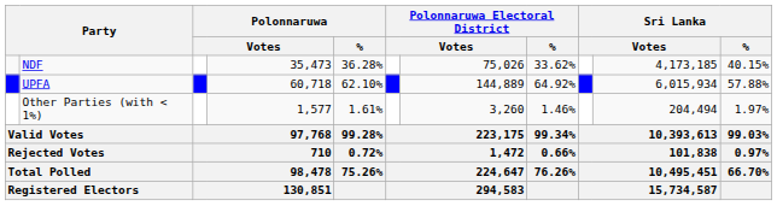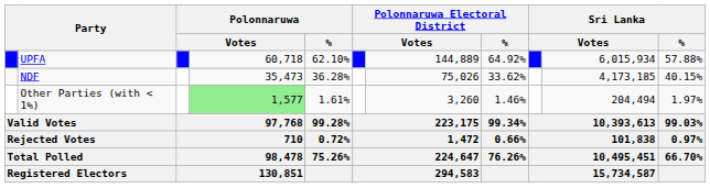 <table class="wikitable">
 <tr>
 <th colspan="2" width="144px"rowspan="2">Party</th>
 <th colspan="3" width="216px">Polonnaruwa</th>
 <th colspan="3" width="216px"><a href='#'>Polonnaruwa Electoral District</a></th>
 <th colspan="3" width="216px">Sri Lanka</th>
 </tr>
 <tr>
 <th colspan="2" width="144px">Votes</th>
 <th>%</th>
 <th colspan="2" width="144px">Votes</th>
 <th>%</th>
 <th colspan="2" width="144px">Votes</th>
 <th>%</th>
 </tr>
 <tr>
+<td style="background-color:blue;" width="10px"></td>
+<td style="text-align:left;"><a href='#'>UPFA</a></td>
+<td style="background-color:blue;" width="10px"></td>
+<td style="text-align:right;">60,718</td>
+<td style="text-align:right;">62.10%</td>
+<td style="background-color:blue;" width="10px"></td>
+<td style="text-align:right;">144,889</td>
+<td style="text-align:right;">64.92%</td>
+<td style="background-color:blue;" width="10px"></td>
+<td style="text-align:right;">6,015,934</td>
+<td style="text-align:right;">57.88%</td>
+</tr>
+<tr>
 <td style="background-color:"></td>
 <td style="text-align:left;"><a href='#'>NDF</a></td>
 <td style="background-color:white;" width="10px"></td>
 <td style="text-align:right;">35,473</td>
 <td style="text-align:right;">36.28%</td>
 <td style="background-color:white;" width="10px"></td>
 <td style="text-align:right;">75,026</td>
 <td style="text-align:right;">33.62%</td>
 <td style="background-color:white;" width="10px"></td>
 <td style="text-align:right;">4,173,185</td>
 <td style="text-align:right;">40.15%</td>
 </tr>
 <tr>
-<td style="background-color:blue;" width="10px"></td>
-<td style="text-align:left;"><a href='#'>UPFA</a></td>
-<td style="background-color:blue;" width="10px"></td>
-<td style="text-align:right;">60,718</td>
-<td style="text-align:right;">62.10%</td>
-<td style="background-color:blue;" width="10px"></td>
-<td style="text-align:right;">144,889</td>
-<td style="text-align:right;">64.92%</td>
-<td style="background-color:blue;" width="10px"></td>
-<td style="text-align:right;">6,015,934</td>
-<td style="text-align:right;">57.88%</td>
-</tr>
-<tr>
 <td style="background-color:white;" width="10px"></td>
 <td style="text-align:left;">Other Parties (with < 1%)</td>
 <td style="background-color:white;" width="10px"></td>
-<td style="text-align:right;">1,577</td>
+<td style="background: lightgreen; text-align:right;">1,577</td>
 <td style="text-align:right;">1.61%</td>
 <td style="background-color:white;" width="10px"></td>
 <td style="text-align:right;">3,260</td>
 <td style="text-align:right;">1.46%</td>
 <td style="background-color:white;" width="10px"></td>
 <td style="text-align:right;">204,494</td>
 <td style="text-align:right;">1.97%</td>
 </tr>
 <tr>
 <th colspan="2" width="144px"style="text-align:left;">Valid Votes</th>
 <th style="text-align:right;"colspan="2" width="144px">97,768</th>
 <th style="text-align:right;">99.28%</th>
 <th style="text-align:right;"colspan="2" width="144px">223,175</th>
 <th style="text-align:right;">99.34%</th>
 <th style="text-align:right;"colspan="2" width="144px">10,393,613</th>
 <th style="text-align:right;">99.03%</th>
 </tr>
 <tr>
 <th colspan="2" width="144px"style="text-align:left;">Rejected Votes</th>
 <th style="text-align:right;"colspan="2" width="144px">710</th>
 <th style="text-align:right;">0.72%</th>
 <th style="text-align:right;"colspan="2" width="144px">1,472</th>
 <th style="text-align:right;">0.66%</th>
 <th style="text-align:right;"colspan="2" width="144px">101,838</th>
 <th style="text-align:right;">0.97%</th>
 </tr>
 <tr>
 <th colspan="2" width="144px"style="text-align:left;">Total Polled</th>
 <th style="text-align:right;"colspan="2" width="144px">98,478</th>
 <th style="text-align:right;">75.26%</th>
 <th style="text-align:right;"colspan="2" width="144px">224,647</th>
 <th style="text-align:right;">76.26%</th>
 <th style="text-align:right;"colspan="2" width="144px">10,495,451</th>
 <th style="text-align:right;">66.70%</th>
 </tr>
 <tr>
 <th colspan="2" width="144px"style="text-align:left;">Registered Electors</th>
 <th style="text-align:right;"colspan="2" width="144px">130,851</th>
 <th></th>
 <th style="text-align:right;"colspan="2" width="144px">294,583</th>
 <th></th>
 <th style="text-align:right;"colspan="2" width="144px">15,734,587</th>
 <th></th>
 </tr>
 </table>
